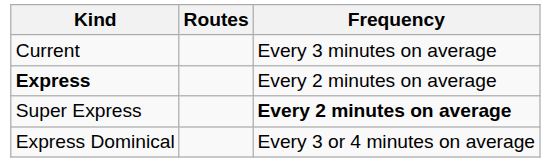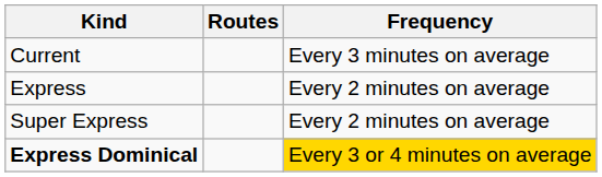 <table class="wikitable" style="margin:1em auto;">
 <tr>
 <th>Kind</th>
 <th>Routes</th>
 <th>Frequency</th>
 </tr>
 <tr>
 <td>Current</td>
 <td>  </td>
 <td>Every 3 minutes on average</td>
 </tr>
 <tr>
-<td><strong>Express</strong></td>
+<td>Express</td>
 <td>   </td>
 <td>Every 2 minutes on average</td>
 </tr>
 <tr>
 <td>Super Express</td>
 <td> </td>
-<td><strong>Every 2 minutes on average</strong></td>
+<td>Every 2 minutes on average</td>
 </tr>
 <tr>
-<td>Express Dominical</td>
+<td><strong>Express Dominical</strong></td>
 <td></td>
-<td>Every 3 or 4 minutes on average</td>
+<td style="background: gold;">Every 3 or 4 minutes on average</td>
 </tr>
 </table>
